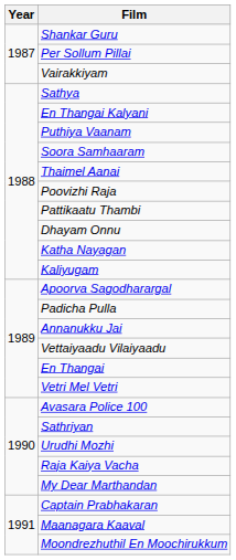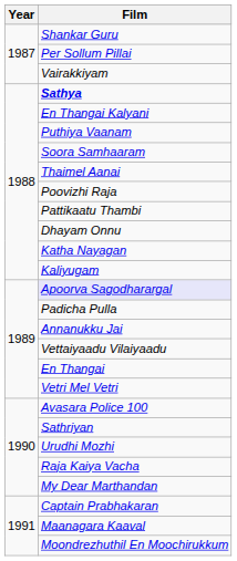 <table class="wikitable sortable">
 <tr style="background:#ccc; text-align:center;">
 <th>Year</th>
 <th>Film</th>
 </tr>
 <tr>
 <td rowspan="3">1987</td>
 <td><em><a href='#'>Shankar Guru</a></em></td>
 </tr>
 <tr>
 <td><em><a href='#'>Per Sollum Pillai</a></em></td>
 </tr>
 <tr>
 <td><em>Vairakkiyam</em></td>
 </tr>
 <tr>
 <td rowspan="10">1988</td>
-<td><em><a href='#'>Sathya</a></em></td>
+<td><strong><em><a href='#'>Sathya</a></em></strong></td>
 </tr>
 <tr>
 <td><em><a href='#'>En Thangai Kalyani</a></em></td>
 </tr>
 <tr>
 <td><em><a href='#'>Puthiya Vaanam</a></em></td>
 </tr>
 <tr>
 <td><em><a href='#'>Soora Samhaaram</a></em></td>
 </tr>
 <tr>
 <td><em><a href='#'>Thaimel Aanai</a></em></td>
 </tr>
 <tr>
 <td><em>Poovizhi Raja</em></td>
 </tr>
 <tr>
 <td><em>Pattikaatu Thambi</em></td>
 </tr>
 <tr>
 <td><em>Dhayam Onnu</em></td>
 </tr>
 <tr>
 <td><em><a href='#'>Katha Nayagan</a></em></td>
 </tr>
 <tr>
 <td><em><a href='#'>Kaliyugam</a></em></td>
 </tr>
 <tr>
 <td rowspan="6">1989</td>
-<td><em><a href='#'>Apoorva Sagodharargal</a></em></td>
+<td style="background: lavender;"><em><a href='#'>Apoorva Sagodharargal</a></em></td>
 </tr>
 <tr>
 <td><em>Padicha Pulla</em></td>
 </tr>
 <tr>
 <td><em><a href='#'>Annanukku Jai</a></em></td>
 </tr>
 <tr>
 <td><em>Vettaiyaadu Vilaiyaadu</em></td>
 </tr>
 <tr>
 <td><em><a href='#'>En Thangai</a></em></td>
 </tr>
 <tr>
 <td><em><a href='#'>Vetri Mel Vetri</a></em></td>
 </tr>
 <tr>
 <td rowspan="5">1990</td>
 <td><em><a href='#'>Avasara Police 100</a></em></td>
 </tr>
 <tr>
 <td><em><a href='#'>Sathriyan</a></em></td>
 </tr>
 <tr>
 <td><em><a href='#'>Urudhi Mozhi</a></em></td>
 </tr>
 <tr>
 <td><em><a href='#'>Raja Kaiya Vacha</a></em></td>
 </tr>
 <tr>
 <td><em><a href='#'>My Dear Marthandan</a></em></td>
 </tr>
 <tr>
 <td rowspan="3">1991</td>
 <td><em><a href='#'>Captain Prabhakaran</a></em></td>
 </tr>
 <tr>
 <td><em><a href='#'>Maanagara Kaaval</a></em></td>
 </tr>
 <tr>
 <td><em><a href='#'>Moondrezhuthil En Moochirukkum</a></em></td>
 </tr>
 </table>
